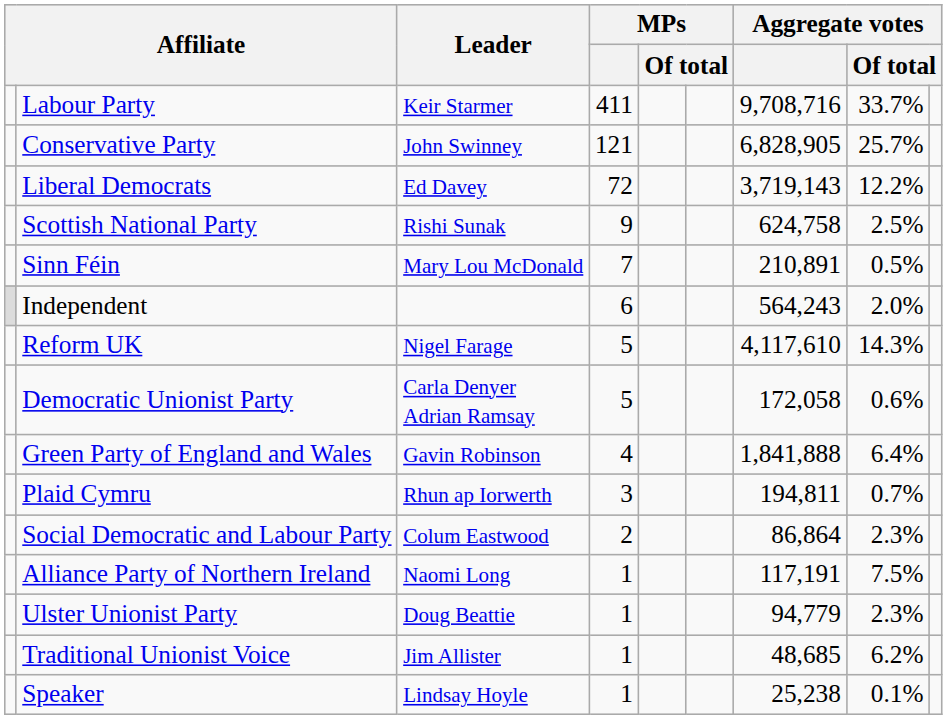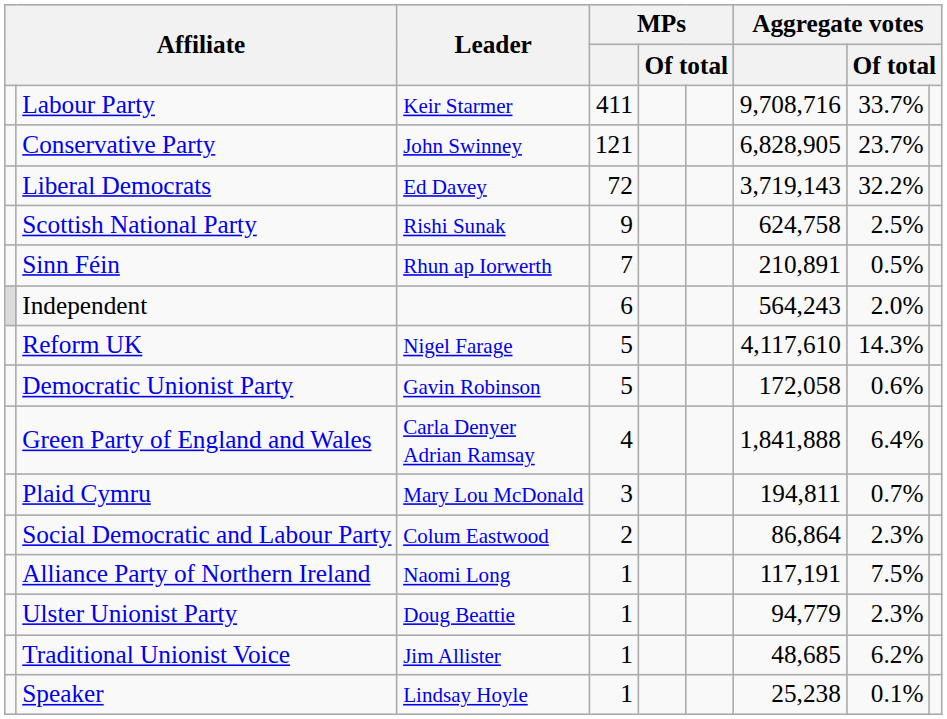 <table class="wikitable sortable" style="text-align:center;">
 <tr>
 <th colspan="2" rowspan="2">Affiliate</th>
 <th rowspan="2">Leader</th>
 <th colspan="3">MPs</th>
 <th colspan="3">Aggregate votes</th>
 </tr>
 <tr>
 <th></th>
 <th colspan=2>Of total</th>
 <th></th>
 <th colspan=2>Of total</th>
 </tr>
 <tr>
 <td style="color:inherit;background:"></td>
 <td style="text-align:left;"><a href='#'>Labour Party</a></td>
 <td style="text-align:left;"><small><a href='#'>Keir Starmer</a></small></td>
 <td style="text-align:right;">411</td>
 <td style="text-align:right;"></td>
 <td data-sort-value=""></td>
 <td style="text-align:right;">9,708,716</td>
 <td style="text-align:right;">33.7%</td>
 <td></td>
 </tr>
 <tr>
 <td style="color:inherit;background:"></td>
 <td style="text-align:left;"><a href='#'>Conservative Party</a></td>
 <td style="text-align:left;"><small><a href='#'>John Swinney</a></small></td>
 <td style="text-align:right;">121</td>
 <td style="text-align:right;"></td>
 <td data-sort-value=""></td>
 <td style="text-align:right;">6,828,905</td>
-<td style="text-align:right;">25.7%</td>
+<td style="text-align:right;">23.7%</td>
 <td></td>
 </tr>
 <tr>
 <td style="color:inherit;background:"></td>
 <td style="text-align:left;"><a href='#'>Liberal Democrats</a></td>
 <td style="text-align:left;"><small><a href='#'>Ed Davey</a></small></td>
 <td style="text-align:right;">72</td>
 <td style="text-align:right;"></td>
 <td data-sort-value=""></td>
 <td style="text-align:right;">3,719,143</td>
-<td style="text-align:right;">12.2%</td>
+<td style="text-align:right;">32.2%</td>
 <td></td>
 </tr>
 <tr>
 <td style="color:inherit;background:"></td>
 <td style="text-align:left;"><a href='#'>Scottish National Party</a></td>
 <td style="text-align:left;"><small><a href='#'>Rishi Sunak</a></small></td>
 <td style="text-align:right;">9</td>
 <td style="text-align:right;"></td>
 <td data-sort-value=""></td>
 <td style="text-align:right;">624,758</td>
 <td style="text-align:right;">2.5%</td>
 <td></td>
 </tr>
 <tr>
 <td style="color:inherit;background:"></td>
 <td style="text-align:left;"><a href='#'>Sinn Féin</a></td>
-<td style="text-align:left;"><small><a href='#'>Mary Lou McDonald</a></small></td>
+<td style="text-align:left;"><small><a href='#'>Rhun ap Iorwerth</a></small></td>
 <td style="text-align:right;">7</td>
 <td style="text-align:right;"></td>
 <td data-sort-value=""></td>
 <td style="text-align:right;">210,891</td>
 <td style="text-align:right;">0.5%</td>
 <td></td>
 </tr>
 <tr>
 <td style="color:inherit;background:#dcdcdc;"></td>
 <td style="text-align:left;">Independent</td>
 <td></td>
 <td style="text-align:right;">6</td>
 <td style="text-align:right;"></td>
 <td data-sort-value=""></td>
 <td style="text-align:right;">564,243</td>
 <td style="text-align:right;">2.0%</td>
 <td></td>
 </tr>
 <tr>
 <td style="color:inherit;background:"></td>
 <td style="text-align:left;"><a href='#'>Reform UK</a></td>
 <td style="text-align:left;"><small><a href='#'>Nigel Farage</a></small></td>
 <td style="text-align:right;">5</td>
 <td style="text-align:right;"></td>
 <td data-sort-value=""></td>
 <td style="text-align:right;">4,117,610</td>
 <td style="text-align:right;">14.3%</td>
 <td></td>
 </tr>
 <tr>
 <td style="color:inherit;background:"></td>
 <td style="text-align:left;"><a href='#'>Democratic Unionist Party</a></td>
-<td style="text-align:left;"><small><a href='#'>Carla Denyer</a><br><a href='#'>Adrian Ramsay</a></small></td>
+<td style="text-align:left;"><small><a href='#'>Gavin Robinson</a></small></td>
 <td style="text-align:right;">5</td>
 <td style="text-align:right;"></td>
 <td data-sort-value=""></td>
 <td style="text-align:right;">172,058</td>
 <td style="text-align:right;">0.6%</td>
 <td></td>
 </tr>
 <tr>
 <td style="color:inherit;background:"></td>
 <td style="text-align:left;"><a href='#'>Green Party of England and Wales</a></td>
-<td style="text-align:left;"><small><a href='#'>Gavin Robinson</a></small></td>
+<td style="text-align:left;"><small><a href='#'>Carla Denyer</a><br><a href='#'>Adrian Ramsay</a></small></td>
 <td style="text-align:right;">4</td>
 <td style="text-align:right;"></td>
 <td data-sort-value=""></td>
 <td style="text-align:right;">1,841,888</td>
 <td style="text-align:right;">6.4%</td>
 <td></td>
 </tr>
 <tr>
 <td style="color:inherit;background:"></td>
 <td style="text-align:left;"><a href='#'>Plaid Cymru</a></td>
-<td style="text-align:left;"><small><a href='#'>Rhun ap Iorwerth</a></small></td>
+<td style="text-align:left;"><small><a href='#'>Mary Lou McDonald</a></small></td>
 <td style="text-align:right;">3</td>
 <td style="text-align:right;"></td>
 <td data-sort-value=""></td>
 <td style="text-align:right;">194,811</td>
 <td style="text-align:right;">0.7%</td>
 <td></td>
 </tr>
 <tr>
 <td style="color:inherit;background:"></td>
 <td style="text-align:left;"><a href='#'>Social Democratic and Labour Party</a></td>
 <td style="text-align:left;"><small><a href='#'>Colum Eastwood</a></small></td>
 <td style="text-align:right;">2</td>
 <td style="text-align:right;"></td>
 <td data-sort-value=""></td>
 <td style="text-align:right;">86,864</td>
 <td style="text-align:right;">2.3%</td>
 <td></td>
 </tr>
 <tr>
 <td style="color:inherit;background:"></td>
 <td style="text-align:left;"><a href='#'>Alliance Party of Northern Ireland</a></td>
 <td style="text-align:left;"><small><a href='#'>Naomi Long</a></small></td>
 <td style="text-align:right;">1</td>
 <td style="text-align:right;"></td>
 <td data-sort-value=""></td>
 <td style="text-align:right;">117,191</td>
 <td style="text-align:right;">7.5%</td>
 <td></td>
 </tr>
 <tr>
 <td style="color:inherit;background:"></td>
 <td style="text-align:left;"><a href='#'>Ulster Unionist Party</a></td>
 <td style="text-align:left;"><small><a href='#'>Doug Beattie</a></small></td>
 <td style="text-align:right;">1</td>
 <td style="text-align:right;"></td>
 <td data-sort-value=""></td>
 <td style="text-align:right;">94,779</td>
 <td style="text-align:right;">2.3%</td>
 <td></td>
 </tr>
 <tr>
 <td style="color:inherit;background:"></td>
 <td style="text-align:left;"><a href='#'>Traditional Unionist Voice</a></td>
 <td style="text-align:left;"><small><a href='#'>Jim Allister</a></small></td>
 <td style="text-align:right;">1</td>
 <td style="text-align:right;"></td>
 <td data-sort-value=""></td>
 <td style="text-align:right;">48,685</td>
 <td style="text-align:right;">6.2%</td>
 <td></td>
 </tr>
 <tr>
 <td style="color:inherit;background:"></td>
 <td style="text-align:left;"><a href='#'>Speaker</a></td>
 <td style="text-align:left;"><small><a href='#'>Lindsay Hoyle</a></small></td>
 <td style="text-align:right;">1</td>
 <td style="text-align:right;"></td>
 <td data-sort-value=""></td>
 <td style="text-align:right;">25,238</td>
 <td style="text-align:right;">0.1%</td>
 <td></td>
 </tr>
 </table>
